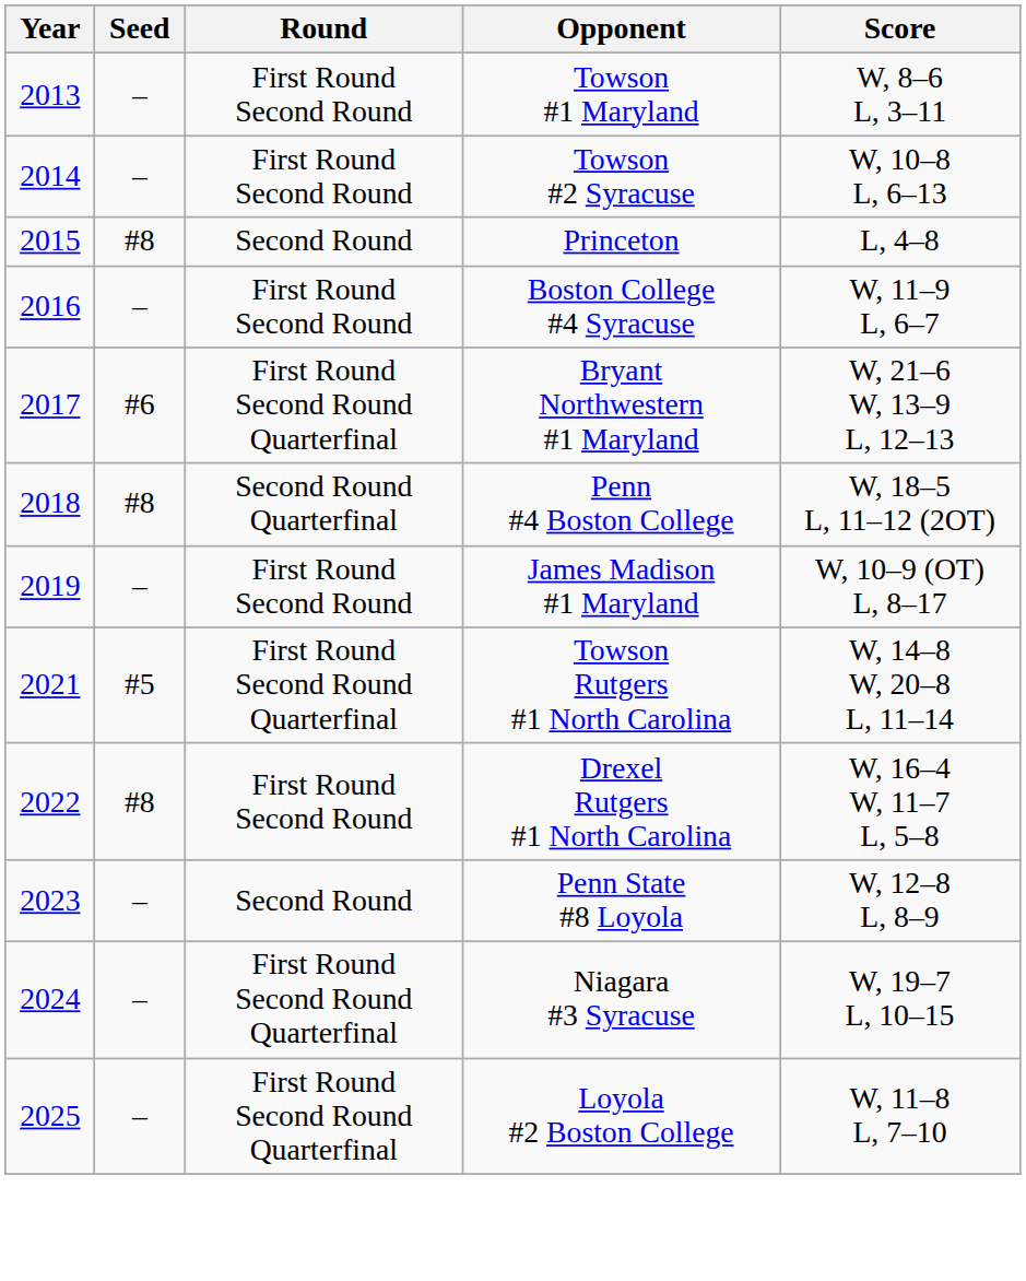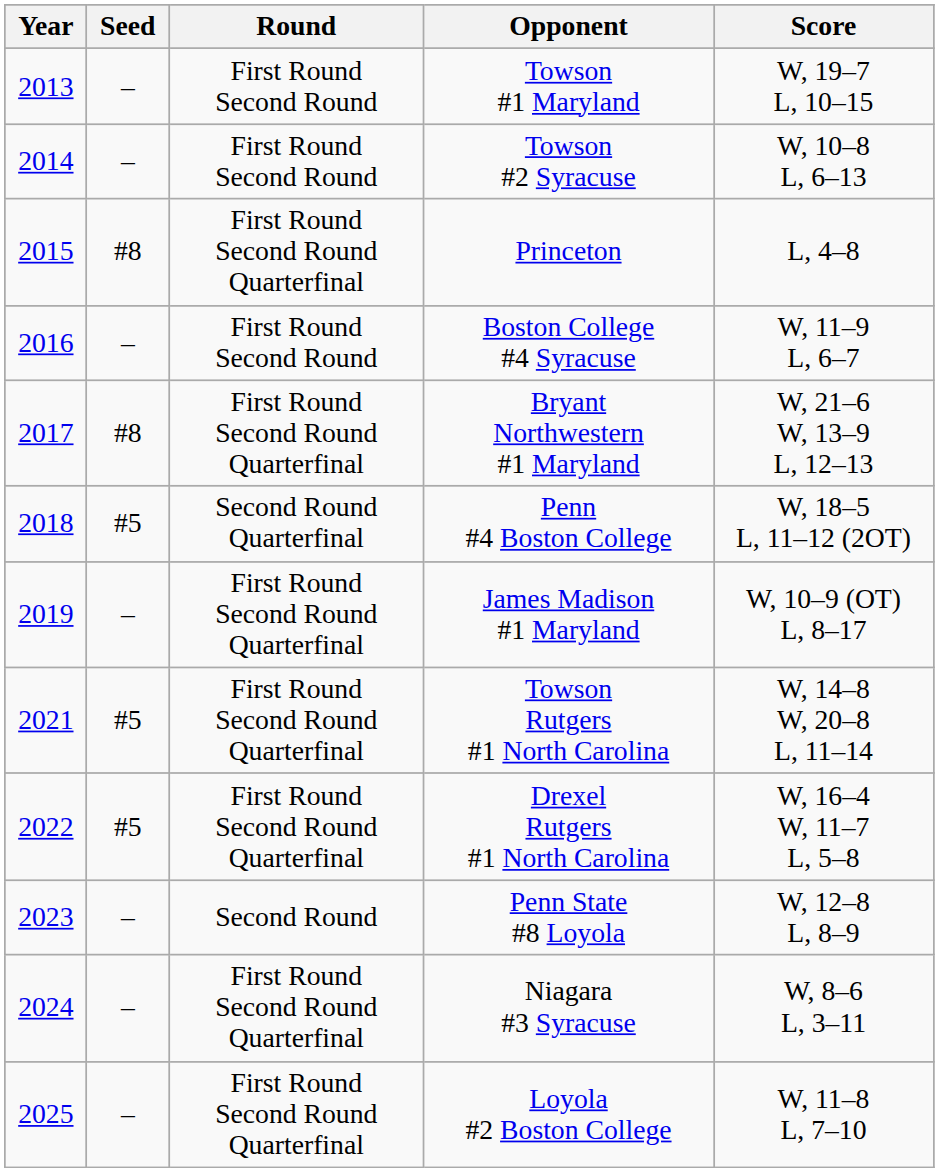 <table class="wikitable">
 <tr>
 <th style="width:40px; ">Year</th>
 <th style="width:40px; ">Seed</th>
 <th style="width:140px; ">Round</th>
 <th style="width:160px; ">Opponent</th>
 <th style="width:120px; ">Score</th>
 </tr>
 <tr align="center">
 <td><a href='#'>2013</a></td>
 <td>–</td>
 <td>First Round<br>Second Round</td>
 <td><a href='#'>Towson</a><br>#1 <a href='#'>Maryland</a></td>
-<td>W, 8–6<br>L, 3–11</td>
+<td>W, 19–7 <br>L, 10–15</td>
 </tr>
 <tr align="center">
 <td><a href='#'>2014</a></td>
 <td>–</td>
 <td>First Round<br>Second Round</td>
 <td><a href='#'>Towson</a><br>#2 <a href='#'>Syracuse</a></td>
 <td>W, 10–8<br>L, 6–13</td>
 </tr>
 <tr align="center">
 <td><a href='#'>2015</a></td>
 <td>#8</td>
-<td>Second Round</td>
+<td>First Round<br>Second Round<br>Quarterfinal</td>
 <td><a href='#'>Princeton</a></td>
 <td>L, 4–8</td>
 </tr>
 <tr align="center">
 <td><a href='#'>2016</a></td>
 <td>–</td>
 <td>First Round<br>Second Round</td>
 <td><a href='#'>Boston College</a><br>#4 <a href='#'>Syracuse</a></td>
 <td>W, 11–9<br>L, 6–7</td>
 </tr>
 <tr align="center">
 <td><a href='#'>2017</a></td>
-<td>#6</td>
+<td>#8</td>
 <td>First Round<br>Second Round<br>Quarterfinal</td>
 <td><a href='#'>Bryant</a><br><a href='#'>Northwestern</a><br>#1 <a href='#'>Maryland</a></td>
 <td>W, 21–6<br>W, 13–9<br>L, 12–13</td>
 </tr>
 <tr align="center">
 <td><a href='#'>2018</a></td>
-<td>#8</td>
+<td>#5</td>
 <td>Second Round<br>Quarterfinal</td>
 <td><a href='#'>Penn</a><br>#4 <a href='#'>Boston College</a></td>
 <td>W, 18–5<br>L, 11–12 (2OT)</td>
 </tr>
 <tr align="center">
 <td><a href='#'>2019</a></td>
 <td>–</td>
-<td>First Round<br>Second Round</td>
+<td>First Round<br>Second Round<br>Quarterfinal</td>
 <td><a href='#'>James Madison</a><br>#1 <a href='#'>Maryland</a></td>
 <td>W, 10–9 (OT)<br>L, 8–17</td>
 </tr>
 <tr align="center">
 <td><a href='#'>2021</a></td>
 <td>#5</td>
 <td>First Round<br>Second Round<br>Quarterfinal</td>
 <td><a href='#'>Towson</a><br> <a href='#'>Rutgers</a><br> #1 <a href='#'>North Carolina</a></td>
 <td>W, 14–8 <br>W, 20–8<br> L, 11–14</td>
 </tr>
 <tr align="center">
 <td><a href='#'>2022</a></td>
-<td>#8</td>
-<td>First Round<br>Second Round</td>
+<td>#5</td>
+<td>First Round<br>Second Round<br>Quarterfinal</td>
 <td><a href='#'>Drexel</a><br> <a href='#'>Rutgers</a><br> #1 <a href='#'>North Carolina</a></td>
 <td>W, 16–4 <br>W, 11–7<br> L, 5–8</td>
 </tr>
 <tr align="center">
 <td><a href='#'>2023</a></td>
 <td>–</td>
 <td>Second Round</td>
 <td><a href='#'>Penn State</a><br> #8 <a href='#'>Loyola</a></td>
 <td>W, 12–8 <br>L, 8–9</td>
 </tr>
 <tr align="center">
 <td><a href='#'>2024</a></td>
 <td>–</td>
 <td>First Round<br>Second Round<br>Quarterfinal</td>
 <td>Niagara<br> #3 <a href='#'>Syracuse</a></td>
-<td>W, 19–7 <br>L, 10–15</td>
+<td>W, 8–6<br>L, 3–11</td>
 </tr>
 <tr align="center">
 <td><a href='#'>2025</a></td>
 <td>–</td>
 <td>First Round<br>Second Round<br>Quarterfinal</td>
 <td><a href='#'>Loyola</a><br> #2 <a href='#'>Boston College</a></td>
 <td>W, 11–8 <br>L, 7–10</td>
 </tr>
 </table>
